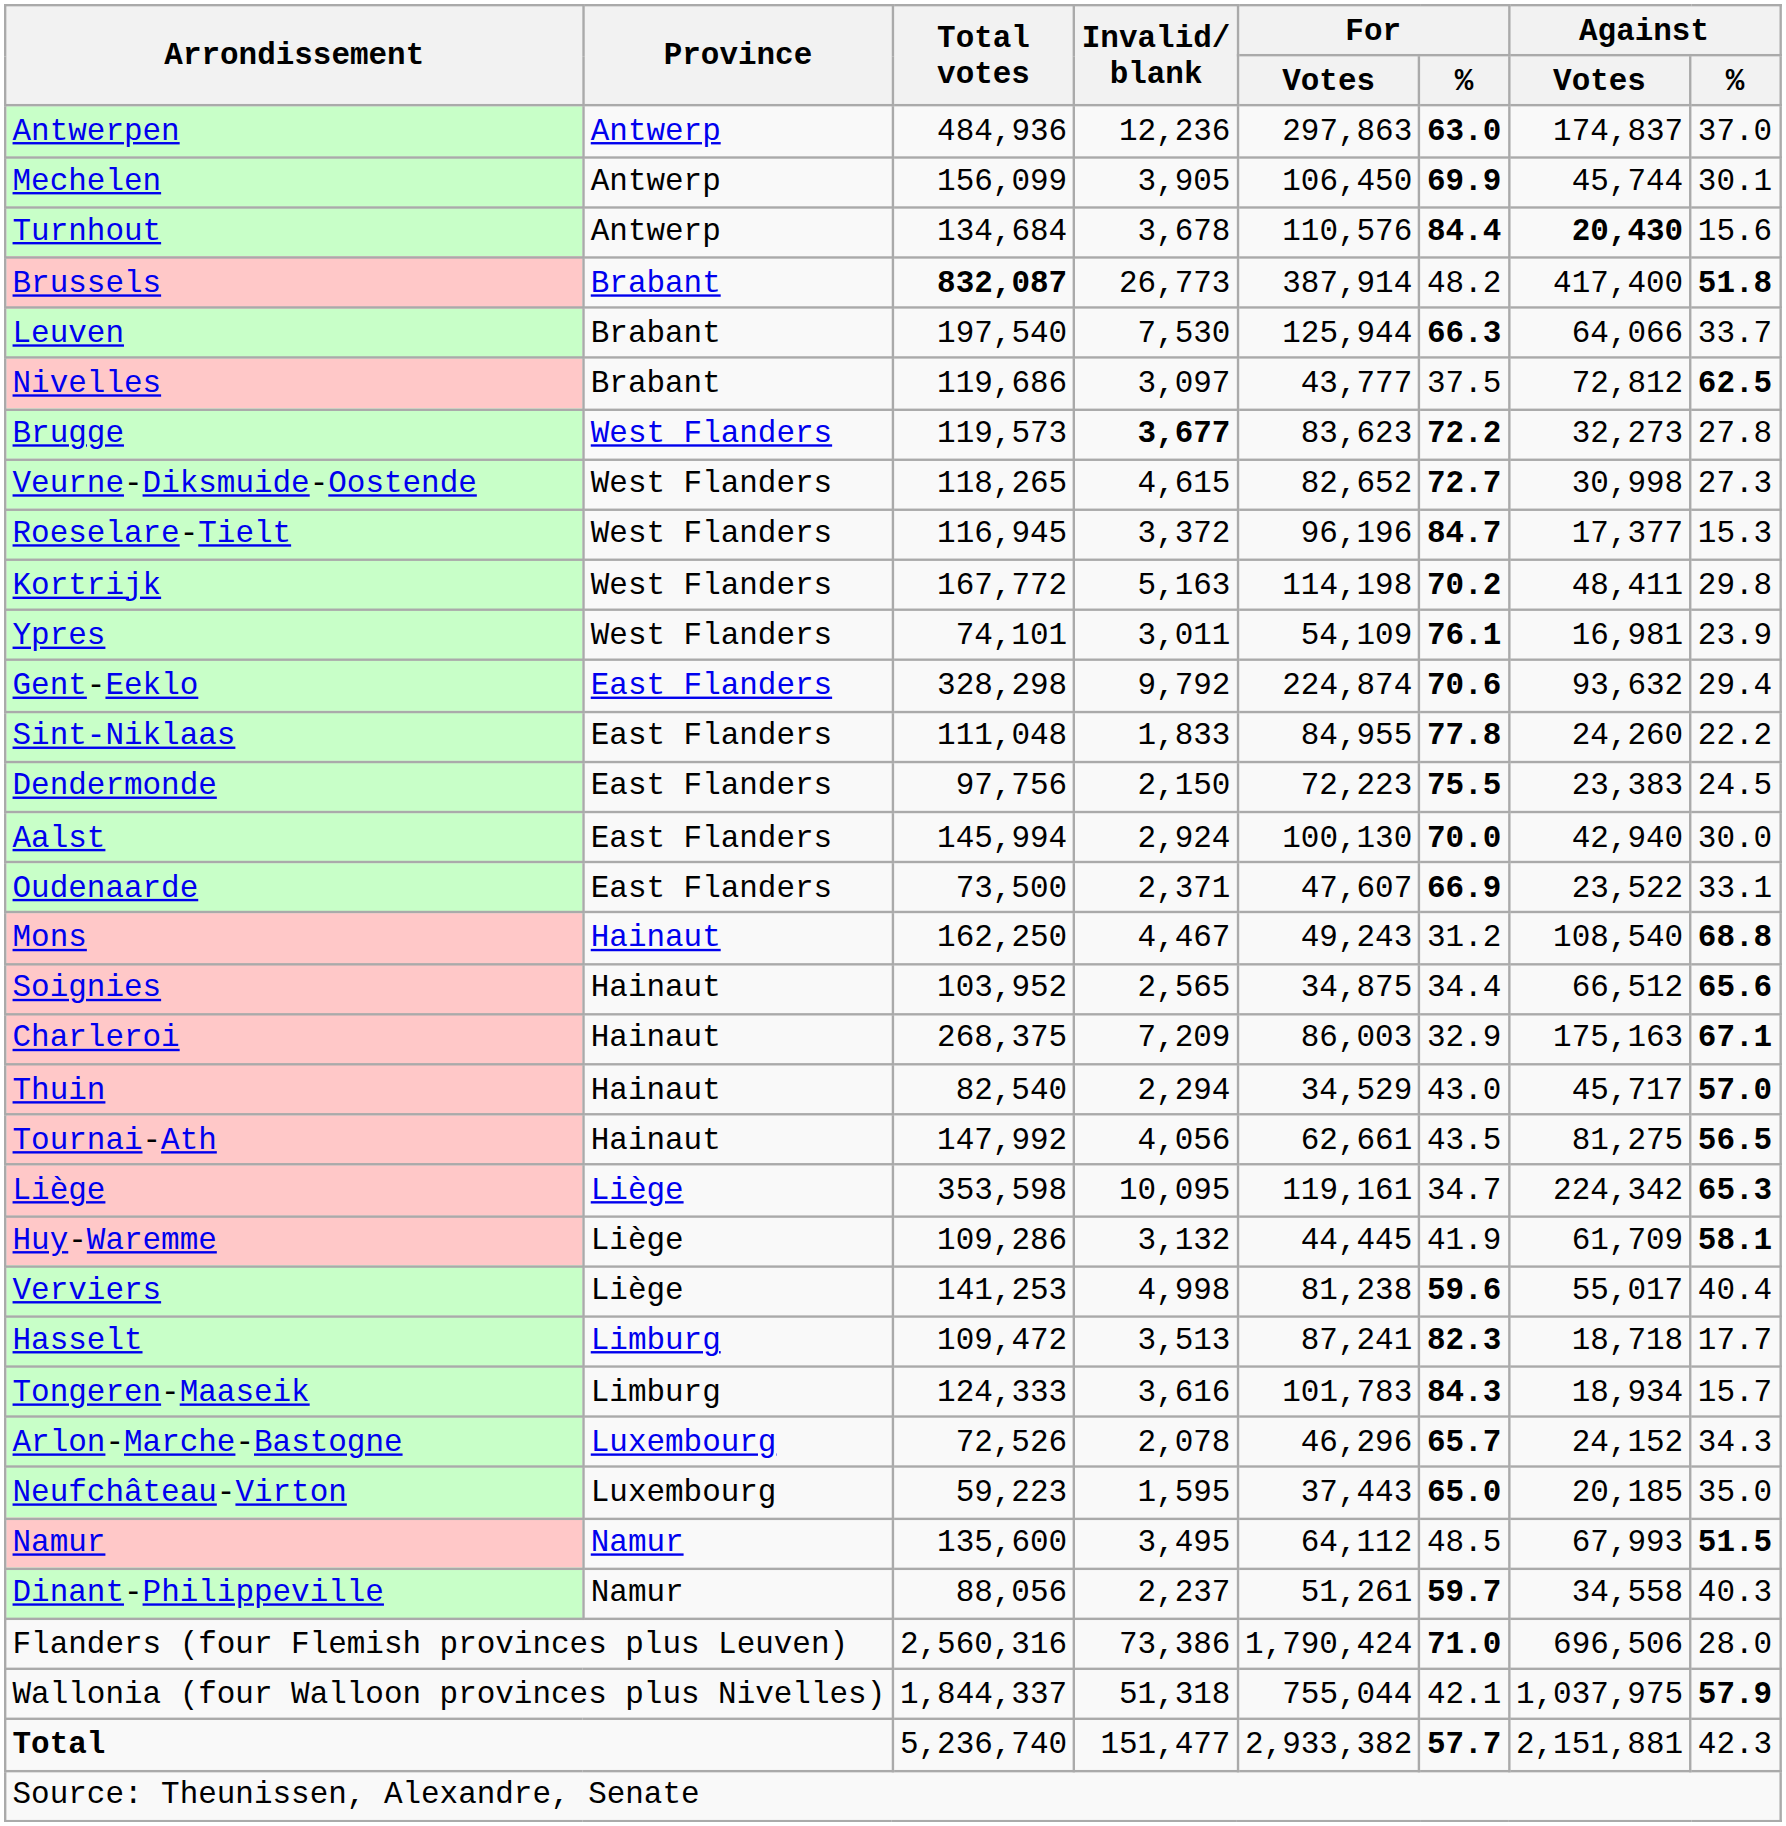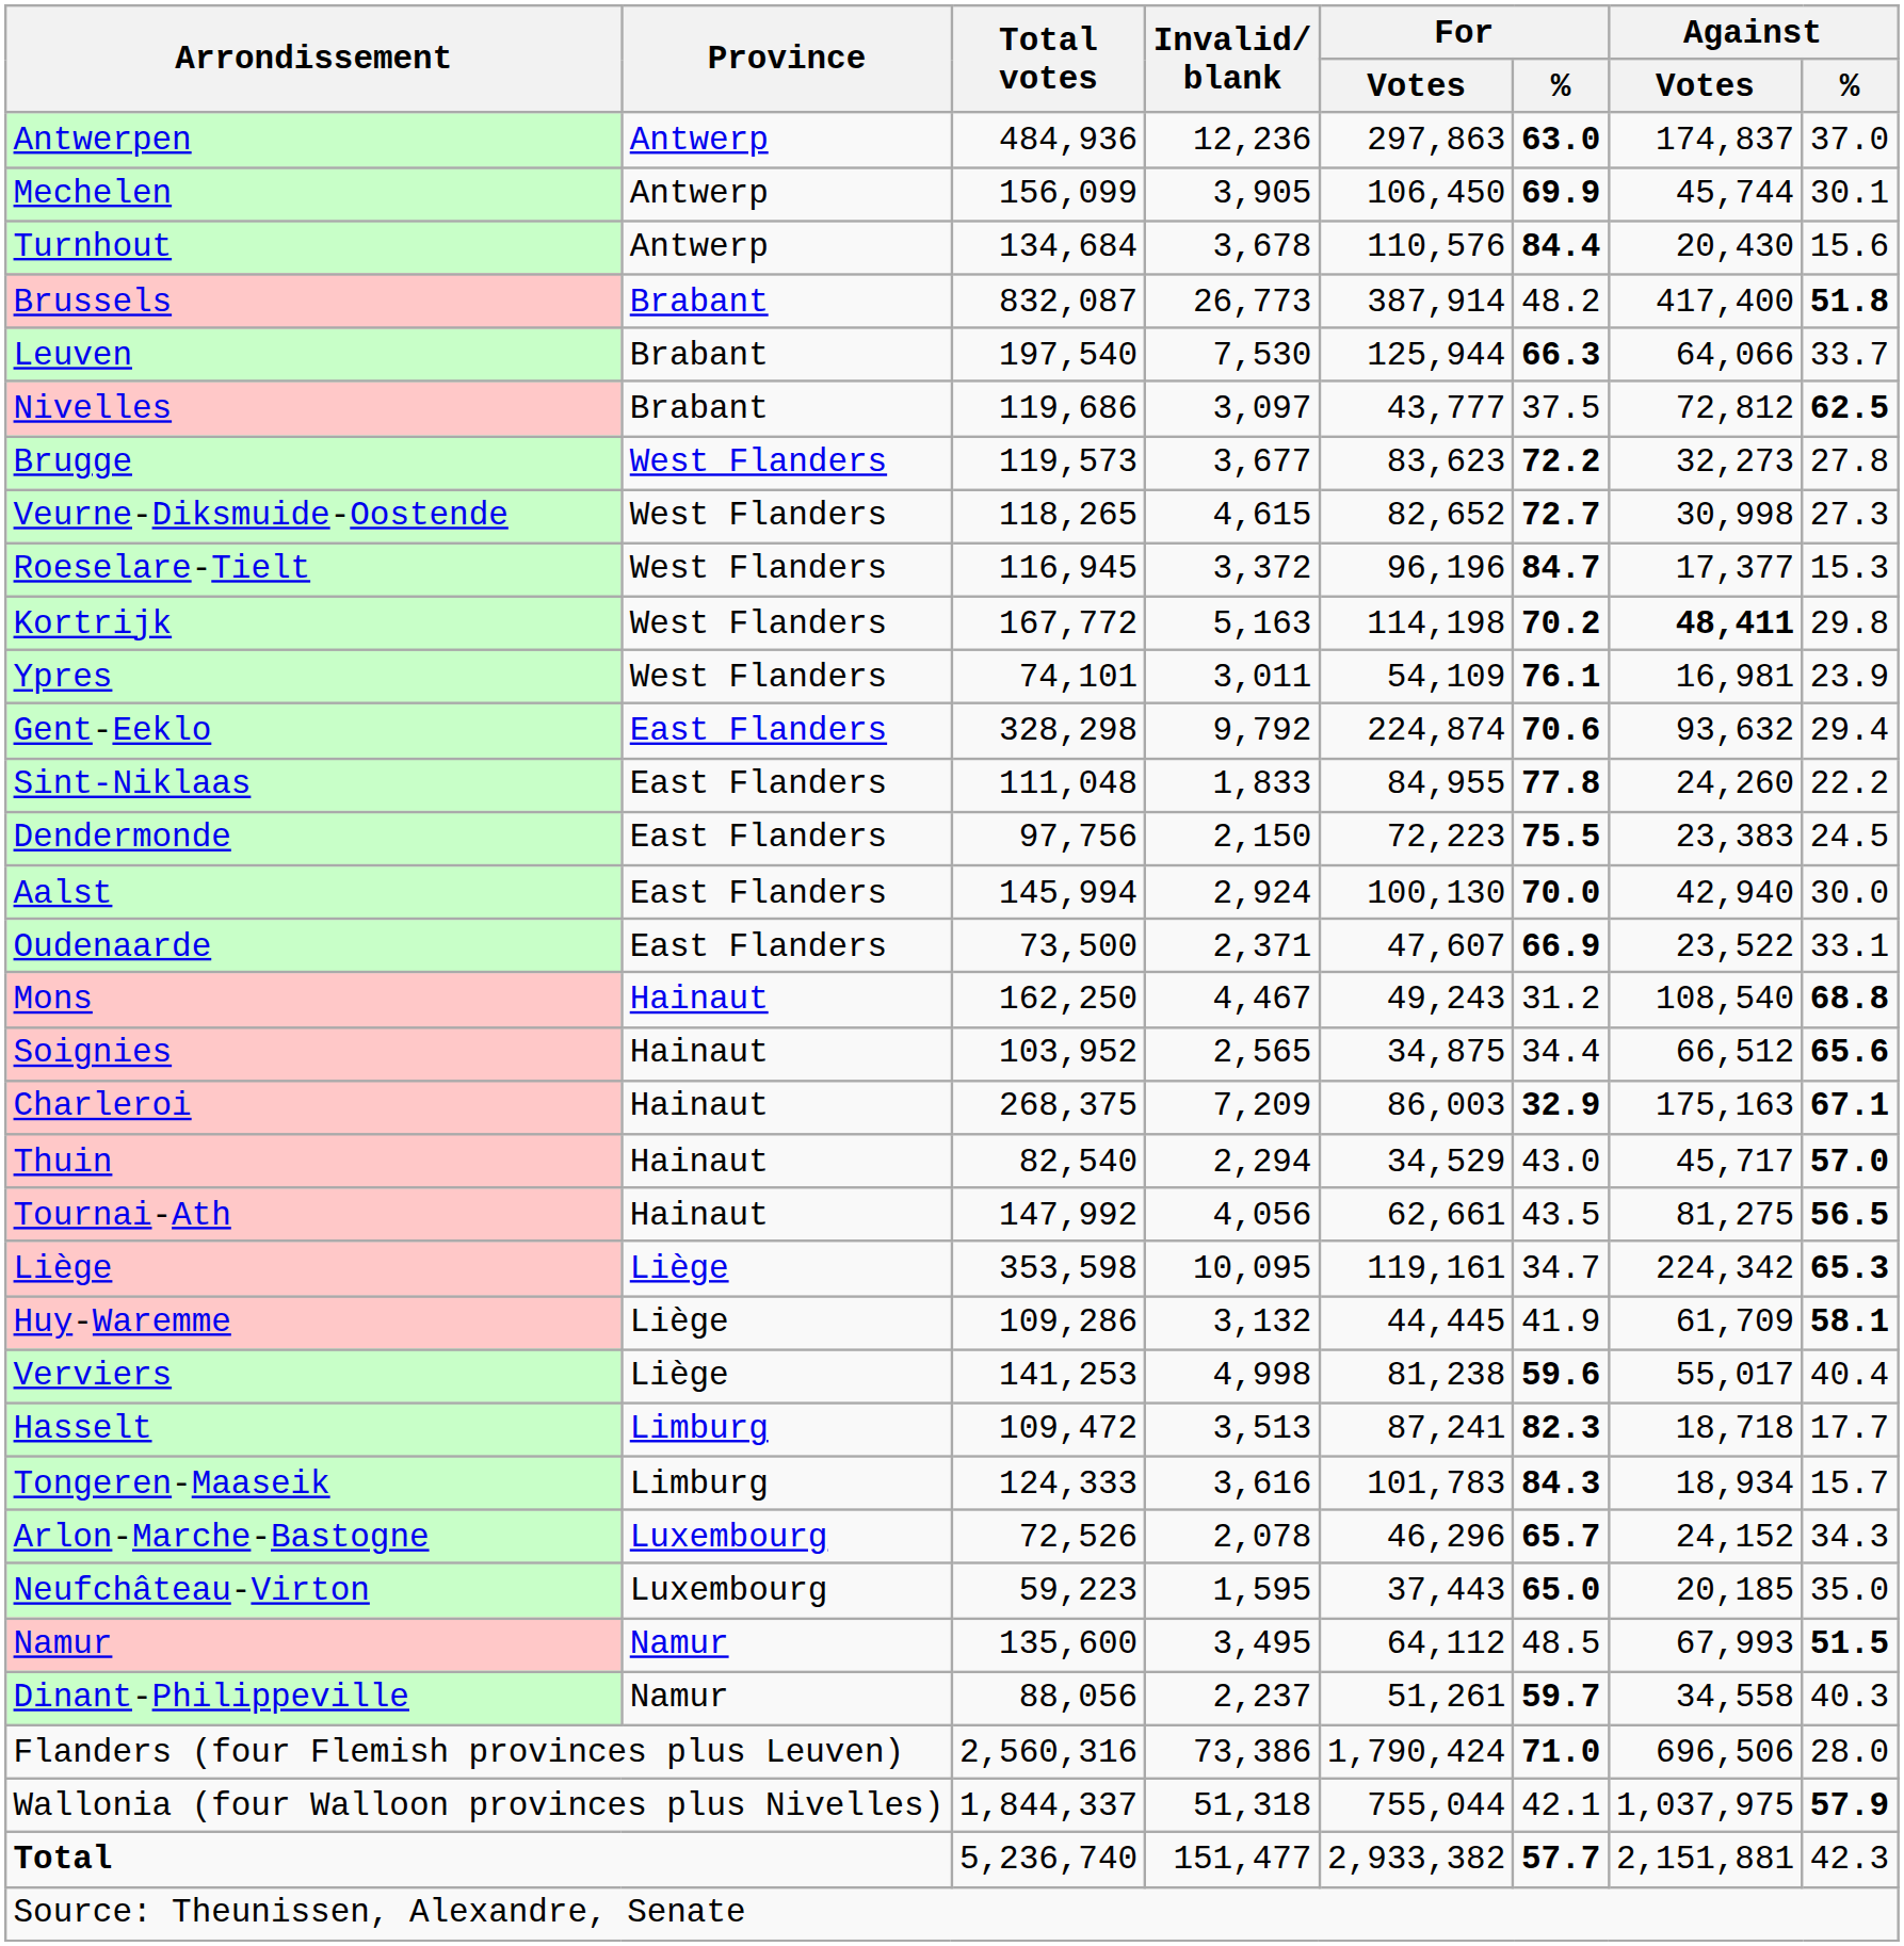 <table class="wikitable sortable" style=text-align:right>
 <tr>
 <th rowspan=2>Arrondissement</th>
 <th rowspan=2>Province</th>
 <th rowspan=2>Total<br>votes</th>
 <th rowspan=2>Invalid/<br>blank</th>
 <th colspan=2>For</th>
 <th colspan=2>Against</th>
 </tr>
 <tr>
 <th>Votes</th>
 <th>%</th>
 <th>Votes</th>
 <th>%</th>
 </tr>
 <tr>
 <td align=left style="background-color:#c8ffc8;"><a href='#'>Antwerpen</a></td>
 <td align=left><a href='#'>Antwerp</a></td>
 <td>484,936</td>
 <td>12,236</td>
 <td>297,863</td>
 <td><strong>63.0</strong></td>
 <td>174,837</td>
 <td>37.0</td>
 </tr>
 <tr>
 <td align=left style="background-color:#c8ffc8;"><a href='#'>Mechelen</a></td>
 <td align=left>Antwerp</td>
 <td>156,099</td>
 <td>3,905</td>
 <td>106,450</td>
 <td><strong>69.9</strong></td>
 <td>45,744</td>
 <td>30.1</td>
 </tr>
 <tr>
 <td align=left style="background-color:#c8ffc8;"><a href='#'>Turnhout</a></td>
 <td align=left>Antwerp</td>
 <td>134,684</td>
 <td>3,678</td>
 <td>110,576</td>
 <td><strong>84.4</strong></td>
-<td><strong>20,430</strong></td>
+<td>20,430</td>
 <td>15.6</td>
 </tr>
 <tr>
 <td align=left style="background-color:#ffc8c8;"><a href='#'>Brussels</a></td>
 <td align=left><a href='#'>Brabant</a></td>
-<td><strong>832,087</strong></td>
+<td>832,087</td>
 <td>26,773</td>
 <td>387,914</td>
 <td>48.2</td>
 <td>417,400</td>
 <td><strong>51.8</strong></td>
 </tr>
 <tr>
 <td align=left style="background-color:#c8ffc8;"><a href='#'>Leuven</a></td>
 <td align=left>Brabant</td>
 <td>197,540</td>
 <td>7,530</td>
 <td>125,944</td>
 <td><strong>66.3</strong></td>
 <td>64,066</td>
 <td>33.7</td>
 </tr>
 <tr>
 <td align=left style="background-color:#ffc8c8;"><a href='#'>Nivelles</a></td>
 <td align=left>Brabant</td>
 <td>119,686</td>
 <td>3,097</td>
 <td>43,777</td>
 <td>37.5</td>
 <td>72,812</td>
 <td><strong>62.5</strong></td>
 </tr>
 <tr>
 <td align=left style="background-color:#c8ffc8;"><a href='#'>Brugge</a></td>
 <td align=left><a href='#'>West Flanders</a></td>
 <td>119,573</td>
-<td><strong>3,677</strong></td>
+<td>3,677</td>
 <td>83,623</td>
 <td><strong>72.2</strong></td>
 <td>32,273</td>
 <td>27.8</td>
 </tr>
 <tr>
 <td align=left style="background-color:#c8ffc8;"><a href='#'>Veurne</a>-<a href='#'>Diksmuide</a>-<a href='#'>Oostende</a></td>
 <td align=left>West Flanders</td>
 <td>118,265</td>
 <td>4,615</td>
 <td>82,652</td>
 <td><strong>72.7</strong></td>
 <td>30,998</td>
 <td>27.3</td>
 </tr>
 <tr>
 <td align=left style="background-color:#c8ffc8;"><a href='#'>Roeselare</a>-<a href='#'>Tielt</a></td>
 <td align=left>West Flanders</td>
 <td>116,945</td>
 <td>3,372</td>
 <td>96,196</td>
 <td><strong>84.7</strong></td>
 <td>17,377</td>
 <td>15.3</td>
 </tr>
 <tr>
 <td align=left style="background-color:#c8ffc8;"><a href='#'>Kortrijk</a></td>
 <td align=left>West Flanders</td>
 <td>167,772</td>
 <td>5,163</td>
 <td>114,198</td>
 <td><strong>70.2</strong></td>
-<td>48,411</td>
+<td><strong>48,411</strong></td>
 <td>29.8</td>
 </tr>
 <tr>
 <td align=left style="background-color:#c8ffc8;"><a href='#'>Ypres</a></td>
 <td align=left>West Flanders</td>
 <td>74,101</td>
 <td>3,011</td>
 <td>54,109</td>
 <td><strong>76.1</strong></td>
 <td>16,981</td>
 <td>23.9</td>
 </tr>
 <tr>
 <td align=left style="background-color:#c8ffc8;"><a href='#'>Gent</a>-<a href='#'>Eeklo</a></td>
 <td align=left><a href='#'>East Flanders</a></td>
 <td>328,298</td>
 <td>9,792</td>
 <td>224,874</td>
 <td><strong>70.6</strong></td>
 <td>93,632</td>
 <td>29.4</td>
 </tr>
 <tr>
 <td align=left style="background-color:#c8ffc8;"><a href='#'>Sint-Niklaas</a></td>
 <td align=left>East Flanders</td>
 <td>111,048</td>
 <td>1,833</td>
 <td>84,955</td>
 <td><strong>77.8</strong></td>
 <td>24,260</td>
 <td>22.2</td>
 </tr>
 <tr>
 <td align=left style="background-color:#c8ffc8;"><a href='#'>Dendermonde</a></td>
 <td align=left>East Flanders</td>
 <td>97,756</td>
 <td>2,150</td>
 <td>72,223</td>
 <td><strong>75.5</strong></td>
 <td>23,383</td>
 <td>24.5</td>
 </tr>
 <tr>
 <td align=left style="background-color:#c8ffc8;"><a href='#'>Aalst</a></td>
 <td align=left>East Flanders</td>
 <td>145,994</td>
 <td>2,924</td>
 <td>100,130</td>
 <td><strong>70.0</strong></td>
 <td>42,940</td>
 <td>30.0</td>
 </tr>
 <tr>
 <td align=left style="background-color:#c8ffc8;"><a href='#'>Oudenaarde</a></td>
 <td align=left>East Flanders</td>
 <td>73,500</td>
 <td>2,371</td>
 <td>47,607</td>
 <td><strong>66.9</strong></td>
 <td>23,522</td>
 <td>33.1</td>
 </tr>
 <tr>
 <td align=left style="background-color:#ffc8c8;"><a href='#'>Mons</a></td>
 <td align=left><a href='#'>Hainaut</a></td>
 <td>162,250</td>
 <td>4,467</td>
 <td>49,243</td>
 <td>31.2</td>
 <td>108,540</td>
 <td><strong>68.8</strong></td>
 </tr>
 <tr>
 <td align=left style="background-color:#ffc8c8;"><a href='#'>Soignies</a></td>
 <td align=left>Hainaut</td>
 <td>103,952</td>
 <td>2,565</td>
 <td>34,875</td>
 <td>34.4</td>
 <td>66,512</td>
 <td><strong>65.6</strong></td>
 </tr>
 <tr>
 <td align=left style="background-color:#ffc8c8;"><a href='#'>Charleroi</a></td>
 <td align=left>Hainaut</td>
 <td>268,375</td>
 <td>7,209</td>
 <td>86,003</td>
-<td>32.9</td>
+<td><strong>32.9</strong></td>
 <td>175,163</td>
 <td><strong>67.1</strong></td>
 </tr>
 <tr>
 <td align=left style="background-color:#ffc8c8;"><a href='#'>Thuin</a></td>
 <td align=left>Hainaut</td>
 <td>82,540</td>
 <td>2,294</td>
 <td>34,529</td>
 <td>43.0</td>
 <td>45,717</td>
 <td><strong>57.0</strong></td>
 </tr>
 <tr>
 <td align=left style="background-color:#ffc8c8;"><a href='#'>Tournai</a>-<a href='#'>Ath</a></td>
 <td align=left>Hainaut</td>
 <td>147,992</td>
 <td>4,056</td>
 <td>62,661</td>
 <td>43.5</td>
 <td>81,275</td>
 <td><strong>56.5</strong></td>
 </tr>
 <tr>
 <td align=left style="background-color:#ffc8c8;"><a href='#'>Liège</a></td>
 <td align=left><a href='#'>Liège</a></td>
 <td>353,598</td>
 <td>10,095</td>
 <td>119,161</td>
 <td>34.7</td>
 <td>224,342</td>
 <td><strong>65.3</strong></td>
 </tr>
 <tr>
 <td align=left style="background-color:#ffc8c8;"><a href='#'>Huy</a>-<a href='#'>Waremme</a></td>
 <td align=left>Liège</td>
 <td>109,286</td>
 <td>3,132</td>
 <td>44,445</td>
 <td>41.9</td>
 <td>61,709</td>
 <td><strong>58.1</strong></td>
 </tr>
 <tr>
 <td align=left style="background-color:#c8ffc8;"><a href='#'>Verviers</a></td>
 <td align=left>Liège</td>
 <td>141,253</td>
 <td>4,998</td>
 <td>81,238</td>
 <td><strong>59.6</strong></td>
 <td>55,017</td>
 <td>40.4</td>
 </tr>
 <tr>
 <td align=left style="background-color:#c8ffc8;"><a href='#'>Hasselt</a></td>
 <td align=left><a href='#'>Limburg</a></td>
 <td>109,472</td>
 <td>3,513</td>
 <td>87,241</td>
 <td><strong>82.3</strong></td>
 <td>18,718</td>
 <td>17.7</td>
 </tr>
 <tr>
 <td align=left style="background-color:#c8ffc8;"><a href='#'>Tongeren</a>-<a href='#'>Maaseik</a></td>
 <td align=left>Limburg</td>
 <td>124,333</td>
 <td>3,616</td>
 <td>101,783</td>
 <td><strong>84.3</strong></td>
 <td>18,934</td>
 <td>15.7</td>
 </tr>
 <tr>
 <td align=left style="background-color:#c8ffc8;"><a href='#'>Arlon</a>-<a href='#'>Marche</a>-<a href='#'>Bastogne</a></td>
 <td align=left><a href='#'>Luxembourg</a></td>
 <td>72,526</td>
 <td>2,078</td>
 <td>46,296</td>
 <td><strong>65.7</strong></td>
 <td>24,152</td>
 <td>34.3</td>
 </tr>
 <tr>
 <td align=left style="background-color:#c8ffc8;"><a href='#'>Neufchâteau</a>-<a href='#'>Virton</a></td>
 <td align=left>Luxembourg</td>
 <td>59,223</td>
 <td>1,595</td>
 <td>37,443</td>
 <td><strong>65.0</strong></td>
 <td>20,185</td>
 <td>35.0</td>
 </tr>
 <tr>
 <td align=left style="background-color:#ffc8c8;"><a href='#'>Namur</a></td>
 <td align=left><a href='#'>Namur</a></td>
 <td>135,600</td>
 <td>3,495</td>
 <td>64,112</td>
 <td>48.5</td>
 <td>67,993</td>
 <td><strong>51.5</strong></td>
 </tr>
 <tr>
 <td align=left style="background-color:#c8ffc8;"><a href='#'>Dinant</a>-<a href='#'>Philippeville</a></td>
 <td align=left>Namur</td>
 <td>88,056</td>
 <td>2,237</td>
 <td>51,261</td>
 <td><strong>59.7</strong></td>
 <td>34,558</td>
 <td>40.3</td>
 </tr>
 <tr class=sortbottom>
 <td colspan=2 align=left>Flanders (four Flemish provinces plus Leuven)</td>
 <td>2,560,316</td>
 <td>73,386</td>
 <td>1,790,424</td>
 <td><strong>71.0</strong></td>
 <td>696,506</td>
 <td>28.0</td>
 </tr>
 <tr class=sortbottom>
 <td colspan=2 align=left>Wallonia (four Walloon provinces plus Nivelles)</td>
 <td>1,844,337</td>
 <td>51,318</td>
 <td>755,044</td>
 <td>42.1</td>
 <td>1,037,975</td>
 <td><strong>57.9</strong></td>
 </tr>
 <tr class=sortbottom>
 <td colspan=2 align=left><strong>Total</strong></td>
 <td>5,236,740</td>
 <td>151,477</td>
 <td>2,933,382</td>
 <td><strong>57.7</strong></td>
 <td>2,151,881</td>
 <td>42.3</td>
 </tr>
 <tr class=sortbottom>
 <td align=left colspan=8>Source: Theunissen, Alexandre, Senate</td>
 </tr>
 </table>
